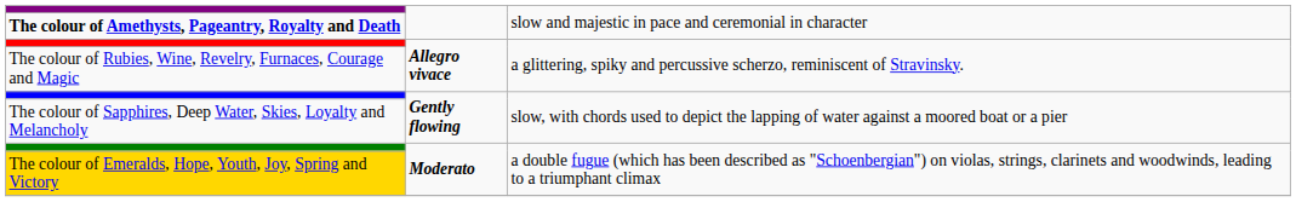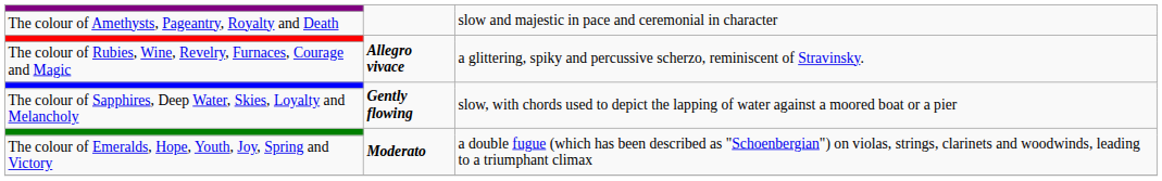 <table Class="wikitable">
 <tr>
 <td style="background:purple"></td>
 <td rowspan="2"></td>
 <td rowspan="2">slow and majestic in pace and ceremonial in character</td>
 </tr>
 <tr>
-<td><strong>The colour of <a href='#'>Amethysts</a>, <a href='#'>Pageantry</a>, <a href='#'>Royalty</a> and <a href='#'>Death</a></strong></td>
+<td>The colour of <a href='#'>Amethysts</a>, <a href='#'>Pageantry</a>, <a href='#'>Royalty</a> and <a href='#'>Death</a></td>
 </tr>
 <tr>
 <td style="background:red"></td>
 <td rowspan="2"><strong><em>Allegro vivace</em></strong></td>
 <td rowspan="2">a glittering, spiky and percussive scherzo, reminiscent of <a href='#'>Stravinsky</a>.</td>
 </tr>
 <tr>
 <td>The colour of <a href='#'>Rubies</a>, <a href='#'>Wine</a>, <a href='#'>Revelry</a>, <a href='#'>Furnaces</a>, <a href='#'>Courage</a> and <a href='#'>Magic</a></td>
 </tr>
 <tr>
 <td style="background:blue"></td>
 <td rowspan="2"><strong><em>Gently flowing</em></strong></td>
 <td rowspan="2">slow, with chords used to depict the lapping of water against a moored boat or a pier</td>
 </tr>
 <tr>
 <td>The colour of <a href='#'>Sapphires</a>, Deep <a href='#'>Water</a>, <a href='#'>Skies</a>, <a href='#'>Loyalty</a> and <a href='#'>Melancholy</a></td>
 </tr>
 <tr>
 <td style="background:green"></td>
 <td rowspan="2"><strong><em>Moderato</em></strong></td>
 <td rowspan="2">a double <a href='#'>fugue</a> (which has been described as "<a href='#'>Schoenbergian</a>") on violas, strings, clarinets and woodwinds, leading to a triumphant climax</td>
 </tr>
 <tr>
-<td style="background: gold;">The colour of <a href='#'>Emeralds</a>, <a href='#'>Hope</a>, <a href='#'>Youth</a>, <a href='#'>Joy</a>, <a href='#'>Spring</a> and <a href='#'>Victory</a></td>
+<td>The colour of <a href='#'>Emeralds</a>, <a href='#'>Hope</a>, <a href='#'>Youth</a>, <a href='#'>Joy</a>, <a href='#'>Spring</a> and <a href='#'>Victory</a></td>
 </tr>
 <tr>
 </tr>
 </table>
